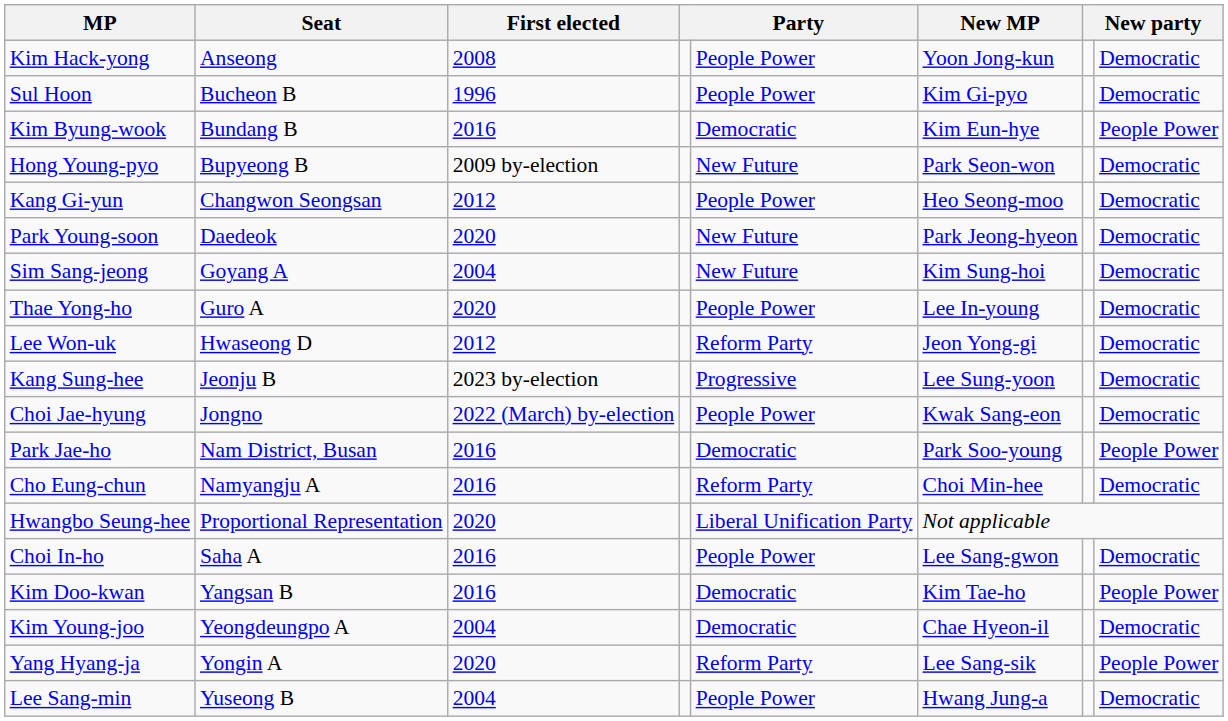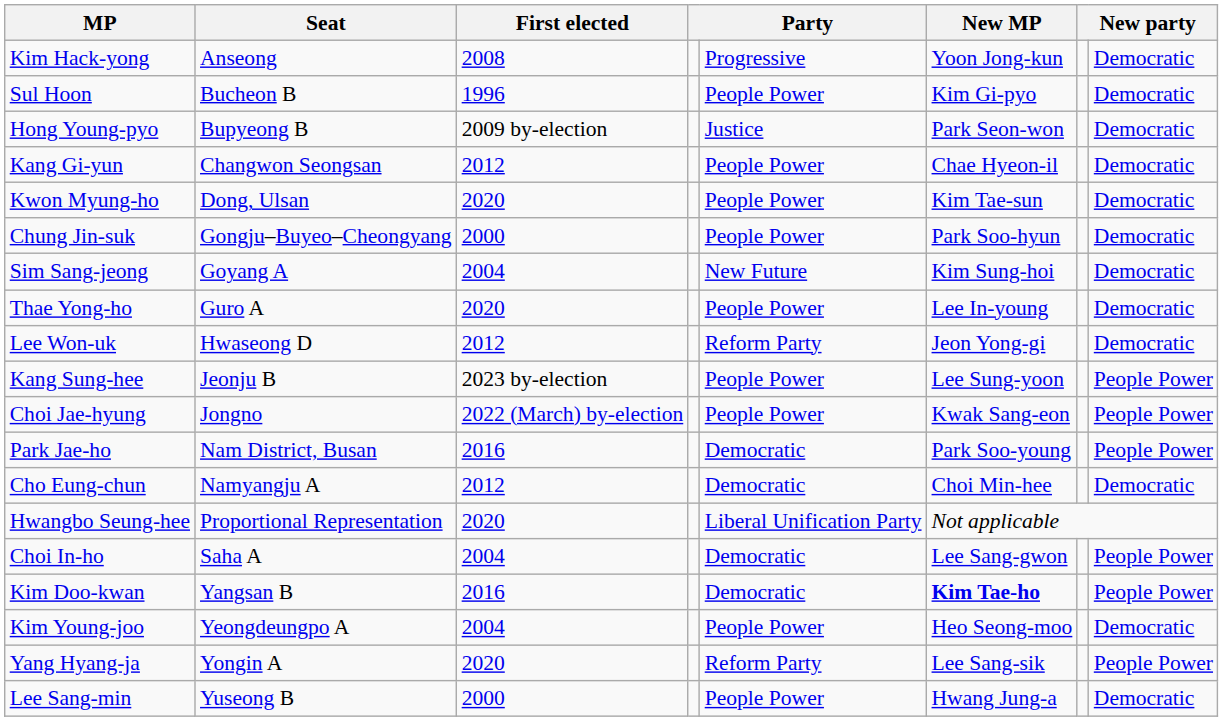 <table class="wikitable sortable" style="font-size:95%">
 <tr>
 <th>MP</th>
 <th>Seat</th>
 <th>First elected</th>
 <th colspan="2">Party</th>
 <th>New MP</th>
 <th colspan="2">New party</th>
 </tr>
 <tr>
 <td><a href='#'>Kim Hack-yong</a></td>
 <td><a href='#'>Anseong</a></td>
 <td><a href='#'>2008</a></td>
 <td width="1"></td>
-<td><a href='#'>People Power</a></td>
+<td><a href='#'>Progressive</a></td>
 <td><a href='#'>Yoon Jong-kun</a></td>
 <td width="1"></td>
 <td><a href='#'>Democratic</a></td>
 </tr>
 <tr>
 <td><a href='#'>Sul Hoon</a></td>
 <td><a href='#'>Bucheon</a> B</td>
 <td><a href='#'>1996</a></td>
 <td width="1"></td>
 <td><a href='#'>People Power</a></td>
 <td><a href='#'>Kim Gi-pyo</a></td>
 <td width="1"></td>
 <td><a href='#'>Democratic</a></td>
 </tr>
 <tr>
-<td><a href='#'>Kim Byung-wook</a></td>
-<td><a href='#'>Bundang</a> B</td>
-<td><a href='#'>2016</a></td>
-<td width="1"></td>
-<td><a href='#'>Democratic</a></td>
-<td><a href='#'>Kim Eun-hye</a></td>
-<td width="1"></td>
-<td><a href='#'>People Power</a></td>
-</tr>
-<tr>
 <td><a href='#'>Hong Young-pyo</a></td>
 <td><a href='#'>Bupyeong</a> B</td>
 <td>2009 by-election</td>
 <td width="1"></td>
-<td><a href='#'>New Future</a></td>
+<td><a href='#'>Justice</a></td>
 <td><a href='#'>Park Seon-won</a></td>
 <td width="1"></td>
 <td><a href='#'>Democratic</a></td>
 </tr>
 <tr>
 <td><a href='#'>Kang Gi-yun</a></td>
 <td><a href='#'>Changwon Seongsan</a></td>
 <td><a href='#'>2012</a></td>
 <td width="1"></td>
 <td><a href='#'>People Power</a></td>
-<td><a href='#'>Heo Seong-moo</a></td>
+<td><a href='#'>Chae Hyeon-il</a></td>
 <td width="1"></td>
 <td><a href='#'>Democratic</a></td>
 </tr>
 <tr>
-<td><a href='#'>Park Young-soon</a></td>
-<td><a href='#'>Daedeok</a></td>
+<td><a href='#'>Kwon Myung-ho</a></td>
+<td><a href='#'>Dong, Ulsan</a></td>
 <td><a href='#'>2020</a></td>
 <td width="1"></td>
-<td><a href='#'>New Future</a></td>
-<td><a href='#'>Park Jeong-hyeon</a></td>
+<td><a href='#'>People Power</a></td>
+<td><a href='#'>Kim Tae-sun</a></td>
+<td width="1"></td>
+<td><a href='#'>Democratic</a></td>
+</tr>
+<tr>
+<td><a href='#'>Chung Jin-suk</a></td>
+<td><a href='#'>Gongju</a>–<a href='#'>Buyeo</a>–<a href='#'>Cheongyang</a></td>
+<td><a href='#'>2000</a></td>
+<td width="1"></td>
+<td><a href='#'>People Power</a></td>
+<td><a href='#'>Park Soo-hyun</a></td>
 <td width="1"></td>
 <td><a href='#'>Democratic</a></td>
 </tr>
 <tr>
 <td><a href='#'>Sim Sang-jeong</a></td>
 <td><a href='#'>Goyang A</a></td>
 <td><a href='#'>2004</a></td>
 <td width="1"></td>
 <td><a href='#'>New Future</a></td>
 <td><a href='#'>Kim Sung-hoi</a></td>
 <td width="1"></td>
 <td><a href='#'>Democratic</a></td>
 </tr>
 <tr>
 <td><a href='#'>Thae Yong-ho</a></td>
 <td><a href='#'>Guro</a> A</td>
 <td><a href='#'>2020</a></td>
 <td width="1"></td>
 <td><a href='#'>People Power</a></td>
 <td><a href='#'>Lee In-young</a></td>
 <td width="1"></td>
 <td><a href='#'>Democratic</a></td>
 </tr>
 <tr>
 <td><a href='#'>Lee Won-uk</a></td>
 <td><a href='#'>Hwaseong</a> D</td>
 <td><a href='#'>2012</a></td>
 <td width="1"></td>
 <td><a href='#'>Reform Party</a></td>
 <td><a href='#'>Jeon Yong-gi</a></td>
 <td width="1"></td>
 <td><a href='#'>Democratic</a></td>
 </tr>
 <tr>
 <td><a href='#'>Kang Sung-hee</a></td>
 <td><a href='#'>Jeonju</a> B</td>
 <td>2023 by-election</td>
 <td width="1"></td>
-<td><a href='#'>Progressive</a></td>
+<td><a href='#'>People Power</a></td>
 <td><a href='#'>Lee Sung-yoon</a></td>
 <td width="1"></td>
-<td><a href='#'>Democratic</a></td>
+<td><a href='#'>People Power</a></td>
 </tr>
 <tr>
 <td><a href='#'>Choi Jae-hyung</a></td>
 <td><a href='#'>Jongno</a></td>
 <td><a href='#'>2022 (March) by-election</a></td>
 <td width="1"></td>
 <td><a href='#'>People Power</a></td>
 <td><a href='#'>Kwak Sang-eon</a></td>
 <td width="1"></td>
-<td><a href='#'>Democratic</a></td>
+<td><a href='#'>People Power</a></td>
 </tr>
 <tr>
 <td><a href='#'>Park Jae-ho</a></td>
 <td><a href='#'>Nam District, Busan</a></td>
 <td><a href='#'>2016</a></td>
 <td width="1"></td>
 <td><a href='#'>Democratic</a></td>
 <td><a href='#'>Park Soo-young</a></td>
 <td width="1"></td>
 <td><a href='#'>People Power</a></td>
 </tr>
 <tr>
 <td><a href='#'>Cho Eung-chun</a></td>
 <td><a href='#'>Namyangju</a> A</td>
-<td><a href='#'>2016</a></td>
+<td><a href='#'>2012</a></td>
 <td width="1"></td>
-<td><a href='#'>Reform Party</a></td>
+<td><a href='#'>Democratic</a></td>
 <td><a href='#'>Choi Min-hee</a></td>
 <td width="1"></td>
 <td><a href='#'>Democratic</a></td>
 </tr>
 <tr>
 <td><a href='#'>Hwangbo Seung-hee</a></td>
 <td><a href='#'>Proportional Representation</a></td>
 <td><a href='#'>2020</a></td>
 <td width="1"></td>
 <td><a href='#'>Liberal Unification Party</a></td>
 <td colspan="3" !><em>Not applicable</em></td>
 </tr>
 <tr>
 <td><a href='#'>Choi In-ho</a></td>
 <td><a href='#'>Saha</a> A</td>
-<td><a href='#'>2016</a></td>
+<td><a href='#'>2004</a></td>
+<td width="1"></td>
+<td><a href='#'>Democratic</a></td>
+<td><a href='#'>Lee Sang-gwon</a></td>
 <td width="1"></td>
 <td><a href='#'>People Power</a></td>
-<td><a href='#'>Lee Sang-gwon</a></td>
-<td width="1"></td>
-<td><a href='#'>Democratic</a></td>
 </tr>
 <tr>
 <td><a href='#'>Kim Doo-kwan</a></td>
 <td><a href='#'>Yangsan</a> B</td>
 <td><a href='#'>2016</a></td>
 <td width="1"></td>
 <td><a href='#'>Democratic</a></td>
-<td><a href='#'>Kim Tae-ho</a></td>
+<td><strong><a href='#'>Kim Tae-ho</a></strong></td>
 <td width="1"></td>
 <td><a href='#'>People Power</a></td>
 </tr>
 <tr>
 <td><a href='#'>Kim Young-joo</a></td>
 <td><a href='#'>Yeongdeungpo</a> A</td>
 <td><a href='#'>2004</a></td>
 <td width="1"></td>
-<td><a href='#'>Democratic</a></td>
-<td><a href='#'>Chae Hyeon-il</a></td>
+<td><a href='#'>People Power</a></td>
+<td><a href='#'>Heo Seong-moo</a></td>
 <td width="1"></td>
 <td><a href='#'>Democratic</a></td>
 </tr>
 <tr>
 <td><a href='#'>Yang Hyang-ja</a></td>
 <td><a href='#'>Yongin</a> A</td>
 <td><a href='#'>2020</a></td>
 <td width="1"></td>
 <td><a href='#'>Reform Party</a></td>
 <td><a href='#'>Lee Sang-sik</a></td>
 <td width="1"></td>
 <td><a href='#'>People Power</a></td>
 </tr>
 <tr>
 <td><a href='#'>Lee Sang-min</a></td>
 <td><a href='#'>Yuseong</a> B</td>
-<td><a href='#'>2004</a></td>
+<td><a href='#'>2000</a></td>
 <td width="1"></td>
 <td><a href='#'>People Power</a></td>
 <td><a href='#'>Hwang Jung-a</a></td>
 <td width="1"></td>
 <td><a href='#'>Democratic</a></td>
 </tr>
 </table>
